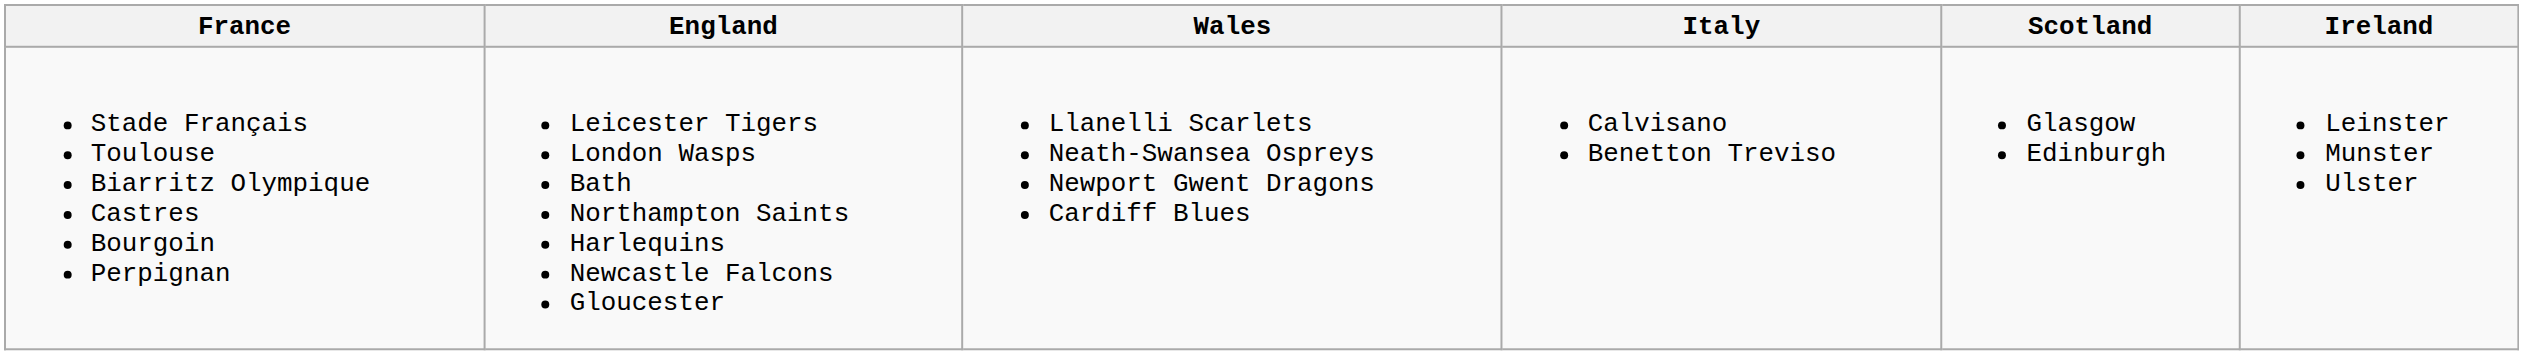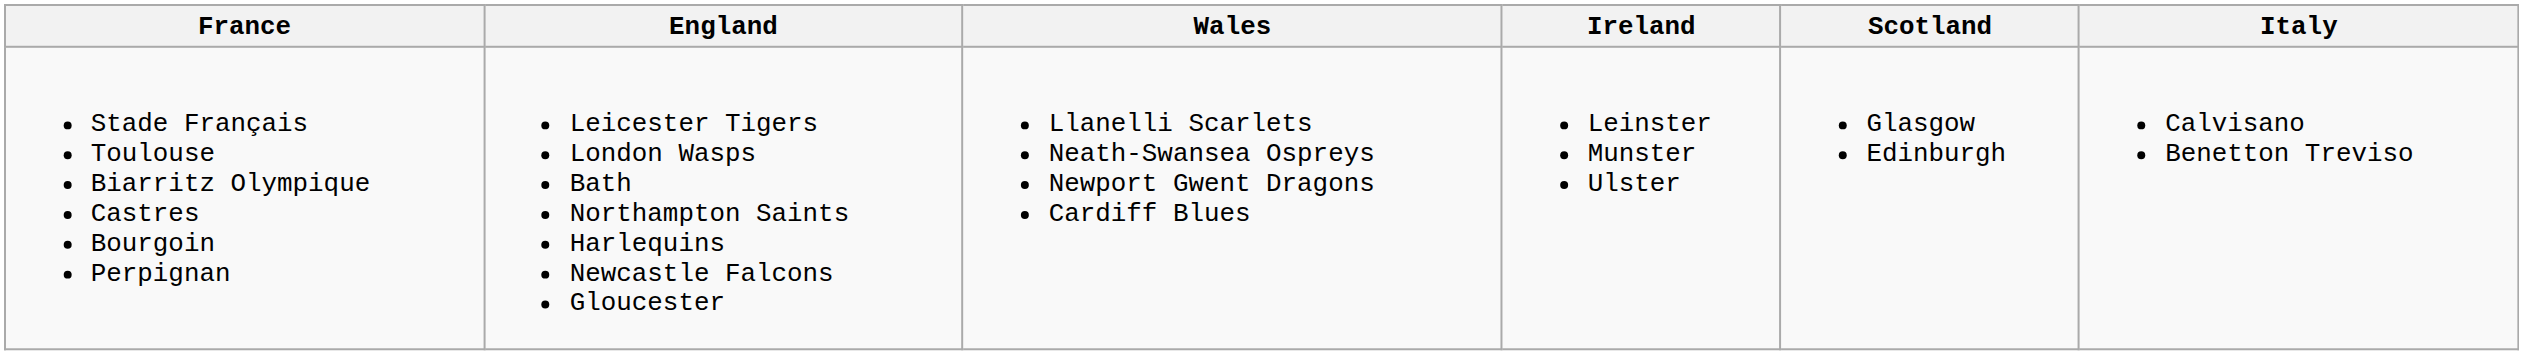 <table class="wikitable" width=100%>
 <tr>
 <th>France</th>
 <th>England</th>
 <th>Wales</th>
+<th>Ireland</th>
+<th>Scotland</th>
 <th>Italy</th>
-<th>Scotland</th>
-<th>Ireland</th>
 </tr>
 <tr valign=top>
 <td><br><ul><li> Stade Français</li><li> Toulouse</li><li> Biarritz Olympique</li><li> Castres</li><li> Bourgoin</li><li> Perpignan</li></ul></td>
 <td><br><ul><li> Leicester Tigers</li><li> London Wasps</li><li> Bath</li><li> Northampton Saints</li><li> Harlequins</li><li> Newcastle Falcons</li><li> Gloucester</li></ul></td>
 <td><br><ul><li> Llanelli Scarlets</li><li> Neath-Swansea Ospreys</li><li> Newport Gwent Dragons</li><li> Cardiff Blues</li></ul></td>
+<td><br><ul><li> Leinster</li><li> Munster</li><li> Ulster</li></ul></td>
+<td><br><ul><li> Glasgow</li><li> Edinburgh</li></ul></td>
 <td><br><ul><li> Calvisano</li><li> Benetton Treviso</li></ul></td>
-<td><br><ul><li> Glasgow</li><li> Edinburgh</li></ul></td>
-<td><br><ul><li> Leinster</li><li> Munster</li><li> Ulster</li></ul></td>
 </tr>
 </table>
